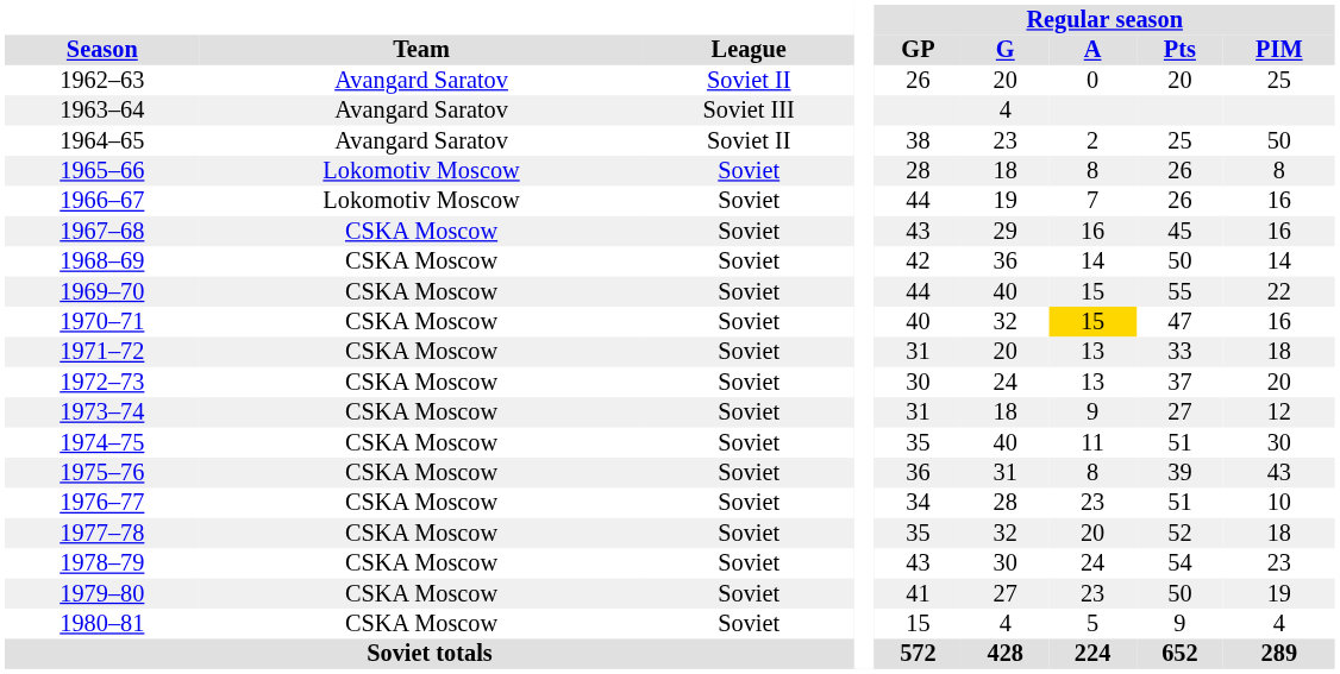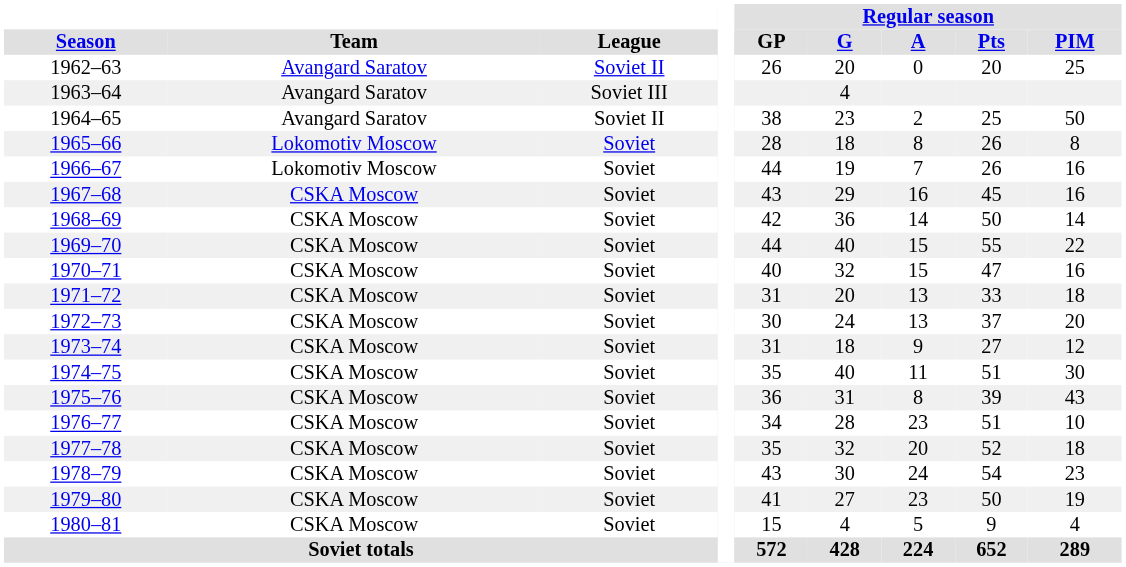 <table border="0" cellpadding="1" cellspacing="0" style="text-align:center; width:55em">
 <tr bgcolor="#e0e0e0">
 <th colspan="3" bgcolor="#ffffff"> </th>
 <th rowspan="99" bgcolor="#ffffff"> </th>
 <th colspan="5"><a href='#'>Regular season</a></th>
 </tr>
 <tr bgcolor="#e0e0e0">
 <th><a href='#'>Season</a></th>
 <th>Team</th>
 <th>League</th>
 <th>GP</th>
 <th><a href='#'>G</a></th>
 <th><a href='#'>A</a></th>
 <th><a href='#'>Pts</a></th>
 <th><a href='#'>PIM</a></th>
 </tr>
 <tr>
 <td>1962–63</td>
 <td><a href='#'>Avangard Saratov</a></td>
 <td><a href='#'>Soviet II</a></td>
 <td>26</td>
 <td>20</td>
 <td>0</td>
 <td>20</td>
 <td>25</td>
 </tr>
 <tr bgcolor="#f0f0f0">
 <td>1963–64</td>
 <td>Avangard Saratov</td>
 <td>Soviet III</td>
 <td></td>
 <td>4</td>
 <td></td>
 <td></td>
 <td></td>
 </tr>
 <tr>
 <td>1964–65</td>
 <td>Avangard Saratov</td>
 <td>Soviet II</td>
 <td>38</td>
 <td>23</td>
 <td>2</td>
 <td>25</td>
 <td>50</td>
 </tr>
 <tr bgcolor="#f0f0f0">
 <td><a href='#'>1965–66</a></td>
 <td><a href='#'>Lokomotiv Moscow</a></td>
 <td><a href='#'>Soviet</a></td>
 <td>28</td>
 <td>18</td>
 <td>8</td>
 <td>26</td>
 <td>8</td>
 </tr>
 <tr>
 <td><a href='#'>1966–67</a></td>
 <td>Lokomotiv Moscow</td>
 <td>Soviet</td>
 <td>44</td>
 <td>19</td>
 <td>7</td>
 <td>26</td>
 <td>16</td>
 </tr>
 <tr bgcolor="#f0f0f0">
 <td><a href='#'>1967–68</a></td>
 <td><a href='#'>CSKA Moscow</a></td>
 <td>Soviet</td>
 <td>43</td>
 <td>29</td>
 <td>16</td>
 <td>45</td>
 <td>16</td>
 </tr>
 <tr>
 <td><a href='#'>1968–69</a></td>
 <td>CSKA Moscow</td>
 <td>Soviet</td>
 <td>42</td>
 <td>36</td>
 <td>14</td>
 <td>50</td>
 <td>14</td>
 </tr>
 <tr bgcolor="#f0f0f0">
 <td><a href='#'>1969–70</a></td>
 <td>CSKA Moscow</td>
 <td>Soviet</td>
 <td>44</td>
 <td>40</td>
 <td>15</td>
 <td>55</td>
 <td>22</td>
 </tr>
 <tr>
 <td><a href='#'>1970–71</a></td>
 <td>CSKA Moscow</td>
 <td>Soviet</td>
 <td>40</td>
 <td>32</td>
-<td style="background: gold;">15</td>
+<td>15</td>
 <td>47</td>
 <td>16</td>
 </tr>
 <tr bgcolor="#f0f0f0">
 <td><a href='#'>1971–72</a></td>
 <td>CSKA Moscow</td>
 <td>Soviet</td>
 <td>31</td>
 <td>20</td>
 <td>13</td>
 <td>33</td>
 <td>18</td>
 </tr>
 <tr>
 <td><a href='#'>1972–73</a></td>
 <td>CSKA Moscow</td>
 <td>Soviet</td>
 <td>30</td>
 <td>24</td>
 <td>13</td>
 <td>37</td>
 <td>20</td>
 </tr>
 <tr bgcolor="#f0f0f0">
 <td><a href='#'>1973–74</a></td>
 <td>CSKA Moscow</td>
 <td>Soviet</td>
 <td>31</td>
 <td>18</td>
 <td>9</td>
 <td>27</td>
 <td>12</td>
 </tr>
 <tr>
 <td><a href='#'>1974–75</a></td>
 <td>CSKA Moscow</td>
 <td>Soviet</td>
 <td>35</td>
 <td>40</td>
 <td>11</td>
 <td>51</td>
 <td>30</td>
 </tr>
 <tr bgcolor="#f0f0f0">
 <td><a href='#'>1975–76</a></td>
 <td>CSKA Moscow</td>
 <td>Soviet</td>
 <td>36</td>
 <td>31</td>
 <td>8</td>
 <td>39</td>
 <td>43</td>
 </tr>
 <tr>
 <td><a href='#'>1976–77</a></td>
 <td>CSKA Moscow</td>
 <td>Soviet</td>
 <td>34</td>
 <td>28</td>
 <td>23</td>
 <td>51</td>
 <td>10</td>
 </tr>
 <tr bgcolor="#f0f0f0">
 <td><a href='#'>1977–78</a></td>
 <td>CSKA Moscow</td>
 <td>Soviet</td>
 <td>35</td>
 <td>32</td>
 <td>20</td>
 <td>52</td>
 <td>18</td>
 </tr>
 <tr>
 <td><a href='#'>1978–79</a></td>
 <td>CSKA Moscow</td>
 <td>Soviet</td>
 <td>43</td>
 <td>30</td>
 <td>24</td>
 <td>54</td>
 <td>23</td>
 </tr>
 <tr bgcolor="#f0f0f0">
 <td><a href='#'>1979–80</a></td>
 <td>CSKA Moscow</td>
 <td>Soviet</td>
 <td>41</td>
 <td>27</td>
 <td>23</td>
 <td>50</td>
 <td>19</td>
 </tr>
 <tr>
 <td><a href='#'>1980–81</a></td>
 <td>CSKA Moscow</td>
 <td>Soviet</td>
 <td>15</td>
 <td>4</td>
 <td>5</td>
 <td>9</td>
 <td>4</td>
 </tr>
 <tr bgcolor="#e0e0e0">
 <th colspan="3">Soviet totals</th>
 <th>572</th>
 <th>428</th>
 <th>224</th>
 <th>652</th>
 <th>289</th>
 </tr>
 </table>
